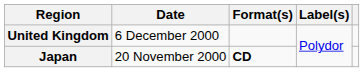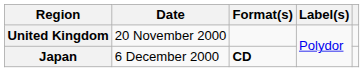 <table class="wikitable plainrowheaders">
 <tr>
 <th scope="col">Region</th>
 <th scope="col">Date</th>
 <th scope="col">Format(s)</th>
 <th scope="col">Label(s)</th>
 <th scope="col"></th>
 </tr>
 <tr>
 <th scope="row">United Kingdom</th>
-<td>6 December 2000</td>
+<td>20 November 2000</td>
 <td></td>
 <td rowspan="2"><a href='#'>Polydor</a></td>
 <td></td>
 </tr>
 <tr>
 <th scope="row">Japan</th>
-<td>20 November 2000</td>
+<td>6 December 2000</td>
 <td><strong>CD</strong></td>
 <td></td>
 </tr>
 </table>
